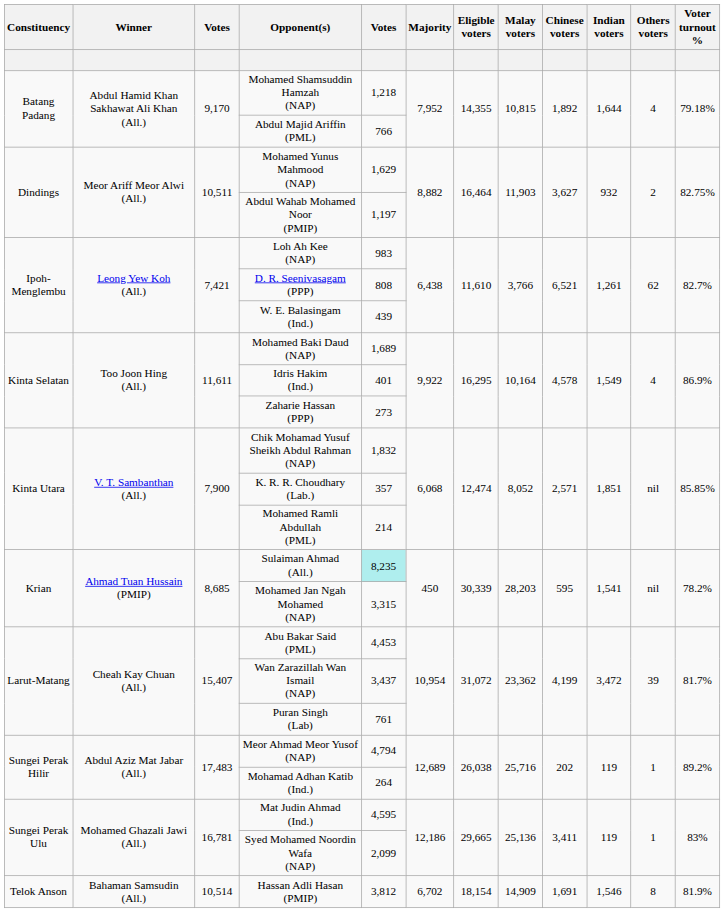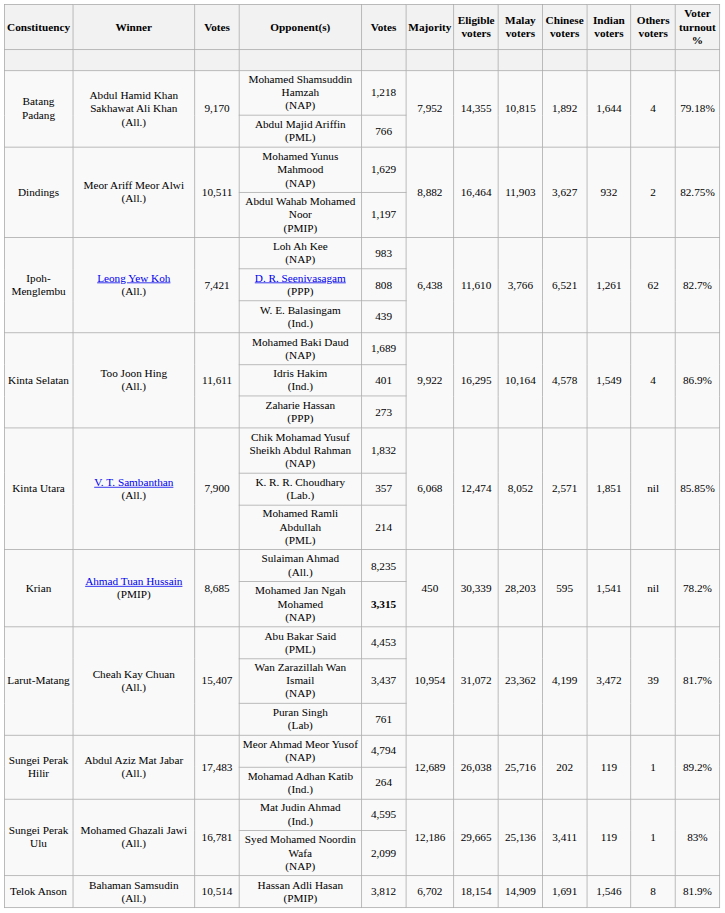 <table class="wikitable sortable" style="text-align:center; font-size:90%">
 <tr>
 <th width="60">Constituency</th>
 <th width="150">Winner</th>
 <th width="50">Votes</th>
 <th width="150">Opponent(s)</th>
 <th width="50">Votes</th>
 <th width="50">Majority</th>
 <th width="50">Eligible voters</th>
 <th width="50">Malay voters</th>
 <th width="50">Chinese voters</th>
 <th width="50">Indian voters</th>
 <th width="50">Others voters</th>
 <th width="50">Voter turnout %</th>
 </tr>
 <tr>
 <th height="20"></th>
 <th></th>
 <th></th>
 <th></th>
 <th></th>
 <th></th>
 <th></th>
 <th></th>
 <th></th>
 <th></th>
 <th></th>
 <th></th>
 </tr>
 <tr>
 <td rowspan=2>Batang Padang</td>
 <td rowspan=2>Abdul Hamid Khan Sakhawat Ali Khan<br>(All.)</td>
 <td rowspan=2>9,170</td>
 <td>Mohamed Shamsuddin Hamzah<br>(NAP)</td>
 <td>1,218</td>
 <td rowspan=2>7,952</td>
 <td rowspan=2>14,355</td>
 <td rowspan=2>10,815</td>
 <td rowspan=2>1,892</td>
 <td rowspan=2>1,644</td>
 <td rowspan=2>4</td>
 <td rowspan=2>79.18%</td>
 </tr>
 <tr>
 <td>Abdul Majid Ariffin<br>(PML)</td>
 <td>766</td>
 </tr>
 <tr>
 <td rowspan=2>Dindings</td>
 <td rowspan=2>Meor Ariff Meor Alwi<br>(All.)</td>
 <td rowspan=2>10,511</td>
 <td>Mohamed Yunus Mahmood<br>(NAP)</td>
 <td>1,629</td>
 <td rowspan=2>8,882</td>
 <td rowspan=2>16,464</td>
 <td rowspan=2>11,903</td>
 <td rowspan=2>3,627</td>
 <td rowspan=2>932</td>
 <td rowspan=2>2</td>
 <td rowspan=2>82.75%</td>
 </tr>
 <tr>
 <td>Abdul Wahab Mohamed Noor<br>(PMIP)</td>
 <td>1,197</td>
 </tr>
 <tr>
 <td rowspan=3>Ipoh-Menglembu</td>
 <td rowspan=3><a href='#'>Leong Yew Koh</a><br>(All.)</td>
 <td rowspan=3>7,421</td>
 <td>Loh Ah Kee<br>(NAP)</td>
 <td>983</td>
 <td rowspan=3>6,438</td>
 <td rowspan=3>11,610</td>
 <td rowspan=3>3,766</td>
 <td rowspan=3>6,521</td>
 <td rowspan=3>1,261</td>
 <td rowspan=3>62</td>
 <td rowspan=3>82.7%</td>
 </tr>
 <tr>
 <td><a href='#'>D. R. Seenivasagam</a><br>(PPP)</td>
 <td>808</td>
 </tr>
 <tr>
 <td>W. E. Balasingam<br>(Ind.)</td>
 <td>439</td>
 </tr>
 <tr>
 <td rowspan=3>Kinta Selatan</td>
 <td rowspan=3>Too Joon Hing<br>(All.)</td>
 <td rowspan=3>11,611</td>
 <td>Mohamed Baki Daud<br>(NAP)</td>
 <td>1,689</td>
 <td rowspan=3>9,922</td>
 <td rowspan=3>16,295</td>
 <td rowspan=3>10,164</td>
 <td rowspan=3>4,578</td>
 <td rowspan=3>1,549</td>
 <td rowspan=3>4</td>
 <td rowspan=3>86.9%</td>
 </tr>
 <tr>
 <td>Idris Hakim<br>(Ind.)</td>
 <td>401</td>
 </tr>
 <tr>
 <td>Zaharie Hassan<br>(PPP)</td>
 <td>273</td>
 </tr>
 <tr>
 <td rowspan=3>Kinta Utara</td>
 <td rowspan=3><a href='#'>V. T. Sambanthan</a><br>(All.)</td>
 <td rowspan=3>7,900</td>
 <td>Chik Mohamad Yusuf Sheikh Abdul Rahman<br>(NAP)</td>
 <td>1,832</td>
 <td rowspan=3>6,068</td>
 <td rowspan=3>12,474</td>
 <td rowspan=3>8,052</td>
 <td rowspan=3>2,571</td>
 <td rowspan=3>1,851</td>
 <td rowspan=3>nil</td>
 <td rowspan=3>85.85%</td>
 </tr>
 <tr>
 <td>K. R. R. Choudhary<br>(Lab.)</td>
 <td>357</td>
 </tr>
 <tr>
 <td>Mohamed Ramli Abdullah<br>(PML)</td>
 <td>214</td>
 </tr>
 <tr>
 <td rowspan=2>Krian</td>
 <td rowspan=2><a href='#'>Ahmad Tuan Hussain</a><br>(PMIP)</td>
 <td rowspan=2>8,685</td>
 <td>Sulaiman Ahmad<br>(All.)</td>
-<td style="background: paleturquoise;">8,235</td>
+<td>8,235</td>
 <td rowspan=2>450</td>
 <td rowspan=2>30,339</td>
 <td rowspan=2>28,203</td>
 <td rowspan=2>595</td>
 <td rowspan=2>1,541</td>
 <td rowspan=2>nil</td>
 <td rowspan=2>78.2%</td>
 </tr>
 <tr>
 <td>Mohamed Jan Ngah Mohamed<br>(NAP)</td>
-<td>3,315</td>
+<td><strong>3,315</strong></td>
 </tr>
 <tr>
 <td rowspan=3>Larut-Matang</td>
 <td rowspan=3>Cheah Kay Chuan<br>(All.)</td>
 <td rowspan=3>15,407</td>
 <td>Abu Bakar Said<br>(PML)</td>
 <td>4,453</td>
 <td rowspan=3>10,954</td>
 <td rowspan=3>31,072</td>
 <td rowspan=3>23,362</td>
 <td rowspan=3>4,199</td>
 <td rowspan=3>3,472</td>
 <td rowspan=3>39</td>
 <td rowspan=3>81.7%</td>
 </tr>
 <tr>
 <td>Wan Zarazillah Wan Ismail<br>(NAP)</td>
 <td>3,437</td>
 </tr>
 <tr>
 <td>Puran Singh<br>(Lab)</td>
 <td>761</td>
 </tr>
 <tr>
 <td rowspan=2>Sungei Perak Hilir</td>
 <td rowspan=2>Abdul Aziz Mat Jabar<br>(All.)</td>
 <td rowspan=2>17,483</td>
 <td>Meor Ahmad Meor Yusof<br>(NAP)</td>
 <td>4,794</td>
 <td rowspan=2>12,689</td>
 <td rowspan=2>26,038</td>
 <td rowspan=2>25,716</td>
 <td rowspan=2>202</td>
 <td rowspan=2>119</td>
 <td rowspan=2>1</td>
 <td rowspan=2>89.2%</td>
 </tr>
 <tr>
 <td>Mohamad Adhan Katib<br>(Ind.)</td>
 <td>264</td>
 </tr>
 <tr>
 <td rowspan=2>Sungei Perak Ulu</td>
 <td rowspan=2>Mohamed Ghazali Jawi<br>(All.)</td>
 <td rowspan=2>16,781</td>
 <td>Mat Judin Ahmad<br>(Ind.)</td>
 <td>4,595</td>
 <td rowspan=2>12,186</td>
 <td rowspan=2>29,665</td>
 <td rowspan=2>25,136</td>
 <td rowspan=2>3,411</td>
 <td rowspan=2>119</td>
 <td rowspan=2>1</td>
 <td rowspan=2>83%</td>
 </tr>
 <tr>
 <td>Syed Mohamed Noordin Wafa<br>(NAP)</td>
 <td>2,099</td>
 </tr>
 <tr>
 <td>Telok Anson</td>
 <td>Bahaman Samsudin<br>(All.)</td>
 <td>10,514</td>
 <td>Hassan Adli Hasan<br>(PMIP)</td>
 <td>3,812</td>
 <td>6,702</td>
 <td>18,154</td>
 <td>14,909</td>
 <td>1,691</td>
 <td>1,546</td>
 <td>8</td>
 <td>81.9%</td>
 </tr>
 </table>
